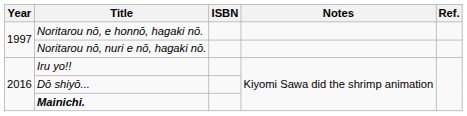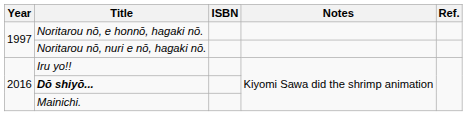 <table class="wikitable">
 <tr>
 <th>Year</th>
 <th>Title</th>
 <th>ISBN</th>
 <th>Notes</th>
 <th>Ref.</th>
 </tr>
 <tr>
 <td rowspan="2">1997</td>
 <td><em>Noritarou nō, e honnō, hagaki nō.</em></td>
 <td></td>
 <td></td>
 <td></td>
 </tr>
 <tr>
 <td><em>Noritarou nō, nuri e nō, hagaki nō.</em></td>
 <td></td>
 <td></td>
 <td></td>
 </tr>
 <tr>
 <td rowspan="3">2016</td>
 <td><em>Iru yo!!</em></td>
 <td></td>
 <td rowspan="3">Kiyomi Sawa did the shrimp animation</td>
 <td rowspan="3"></td>
 </tr>
 <tr>
-<td><em>Dō shiyō...</em></td>
+<td><strong><em>Dō shiyō...</em></strong></td>
 <td></td>
 </tr>
 <tr>
-<td><strong><em>Mainichi.</em></strong></td>
+<td><em>Mainichi.</em></td>
 <td></td>
 </tr>
 </table>
